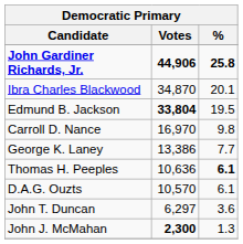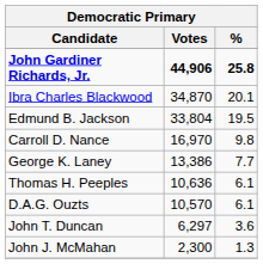 <table class="wikitable" align="left" style="margin: 1em 1em 1em 0; background: #f9f9f9; font-size: 95%;">
 <tr style="background-color:#E9E9E9">
 <th colspan="3">Democratic Primary</th>
 </tr>
 <tr style="background-color:#E9E9E9">
 <th colspan="1" style="width: 170px">Candidate</th>
 <th style="width: 50px">Votes</th>
 <th style="width: 40px">%</th>
 </tr>
 <tr>
 </tr>
 <tr>
 <td><strong><a href='#'>John Gardiner Richards, Jr.</a></strong></td>
 <td align="right"><strong>44,906</strong></td>
 <td align="right"><strong>25.8</strong></td>
 </tr>
 <tr>
 <td><a href='#'>Ibra Charles Blackwood</a></td>
 <td align="right">34,870</td>
 <td align="right">20.1</td>
 </tr>
 <tr>
 <td>Edmund B. Jackson</td>
-<td align="right"><strong>33,804</strong></td>
+<td align="right">33,804</td>
 <td align="right">19.5</td>
 </tr>
 <tr>
 <td>Carroll D. Nance</td>
 <td align="right">16,970</td>
 <td align="right">9.8</td>
 </tr>
 <tr>
 <td>George K. Laney</td>
 <td align="right">13,386</td>
 <td align="right">7.7</td>
 </tr>
 <tr>
 <td>Thomas H. Peeples</td>
 <td align="right">10,636</td>
-<td align="right"><strong>6.1</strong></td>
+<td align="right">6.1</td>
 </tr>
 <tr>
 <td>D.A.G. Ouzts</td>
 <td align="right">10,570</td>
 <td align="right">6.1</td>
 </tr>
 <tr>
 <td>John T. Duncan</td>
 <td align="right">6,297</td>
 <td align="right">3.6</td>
 </tr>
 <tr>
 <td>John J. McMahan</td>
-<td align="right"><strong>2,300</strong></td>
+<td align="right">2,300</td>
 <td align="right">1.3</td>
 </tr>
 <tr>
 </tr>
 </table>
